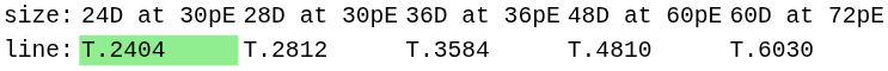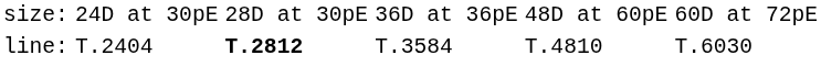 <table style="margin-left:40px;">
 <tr>
 <td>size:</td>
 <td>24D at 30pE</td>
 <td>28D at 30pE</td>
 <td>36D at 36pE</td>
 <td>48D at 60pE</td>
 <td>60D at 72pE</td>
 </tr>
 <tr>
 <td>line:</td>
-<td style="background: lightgreen;">T.2404</td>
-<td>T.2812</td>
+<td>T.2404</td>
+<td><strong>T.2812</strong></td>
 <td>T.3584</td>
 <td>T.4810</td>
 <td>T.6030</td>
 </tr>
 </table>
